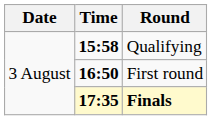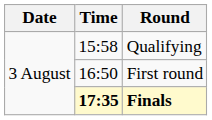 <table class="wikitable">
 <tr>
 <th>Date</th>
 <th>Time</th>
 <th>Round</th>
 </tr>
 <tr>
 <td rowspan=3>3 August</td>
-<td><strong>15:58</strong></td>
+<td>15:58</td>
 <td>Qualifying</td>
 </tr>
 <tr>
-<td><strong>16:50</strong></td>
+<td>16:50</td>
 <td>First round</td>
 </tr>
 <tr style="background:lemonchiffon">
 <td><strong>17:35</strong></td>
 <td><strong>Finals</strong></td>
 </tr>
 </table>
